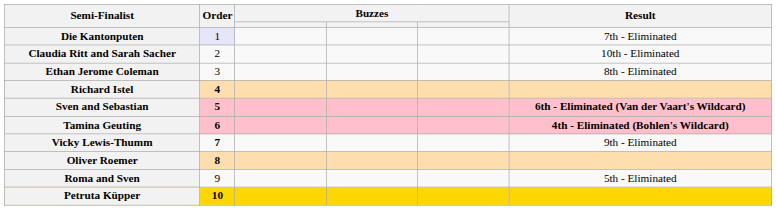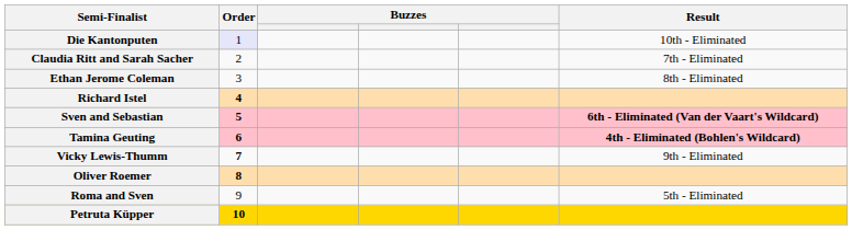 <table class="wikitable plainrowheaders sortable" style="text-align:center;">
 <tr>
 <th scope="col" rowspan="2" class="unsortable" style="width:17em;">Semi-Finalist</th>
 <th scope="col" rowspan="2" style="width:1em;">Order</th>
 <th scope="col" colspan="3" class="unsortable" style="width:24em;">Buzzes</th>
 <th scope="col" rowspan="2" style="width:23em;">Result</th>
 </tr>
 <tr>
 <th scope="col" class="unsortable" style="width:6em;"></th>
 <th scope="col" class="unsortable" style="width:6em;"></th>
 <th scope="col" class="unsortable" style="width:6em;"></th>
 </tr>
 <tr>
 <th scope="row">Die Kantonputen</th>
 <td style="background: lavender;">1</td>
 <td style="text-align:center;"></td>
 <td style="text-align:center;"></td>
 <td style="text-align:center;"></td>
-<td>7th - Eliminated</td>
+<td>10th - Eliminated</td>
 </tr>
 <tr>
 <th scope="row">Claudia Ritt and Sarah Sacher</th>
 <td>2</td>
 <td style="text-align:center;"></td>
 <td style="text-align:center;"></td>
 <td style="text-align:center;"></td>
-<td>10th - Eliminated</td>
+<td>7th - Eliminated</td>
 </tr>
 <tr>
 <th scope="row">Ethan Jerome Coleman</th>
 <td>3</td>
 <td style="text-align:center;"></td>
 <td style="text-align:center;"></td>
 <td style="text-align:center;"></td>
 <td>8th - Eliminated</td>
 </tr>
 <tr style="background:NavajoWhite;">
 <th scope="row"><strong>Richard Istel</strong></th>
 <td><strong>4</strong></td>
 <td style="text-align:center;"></td>
 <td style="text-align:center;"></td>
 <td style="text-align:center;"></td>
 <td><strong></strong></td>
 </tr>
 <tr style="background:pink;">
 <th scope="row"><strong>Sven and Sebastian</strong></th>
 <td><strong>5</strong></td>
 <td style="text-align:center;"></td>
 <td style="text-align:center;"></td>
 <td style="text-align:center;"></td>
 <td><strong>6th - Eliminated (Van der Vaart's Wildcard)</strong></td>
 </tr>
 <tr style="background:pink;">
 <th scope="row"><strong>Tamina Geuting</strong></th>
 <td><strong>6</strong></td>
 <td style="text-align:center;"></td>
 <td style="text-align:center;"></td>
 <td style="text-align:center;"></td>
 <td><strong>4th - Eliminated (Bohlen's Wildcard)</strong></td>
 </tr>
 <tr>
 <th scope="row">Vicky Lewis-Thumm</th>
 <td><strong>7</strong></td>
 <td style="text-align:center;"></td>
 <td style="text-align:center;"></td>
 <td style="text-align:center;"></td>
 <td>9th - Eliminated</td>
 </tr>
 <tr style="background:NavajoWhite;">
 <th scope="row"><strong>Oliver Roemer</strong></th>
 <td><strong>8</strong></td>
 <td style="text-align:center;"></td>
 <td style="text-align:center;"></td>
 <td style="text-align:center;"></td>
 <td><strong></strong></td>
 </tr>
 <tr>
 <th scope="row">Roma and Sven</th>
 <td>9</td>
 <td style="text-align:center;"></td>
 <td style="text-align:center;"></td>
 <td style="text-align:center;"></td>
 <td>5th - Eliminated</td>
 </tr>
 <tr style="background:gold;">
 <th scope="row"><strong>Petruta Küpper</strong></th>
 <td><strong>10</strong></td>
 <td style="text-align:center;"></td>
 <td style="text-align:center;"></td>
 <td style="text-align:center;"></td>
 <td><strong></strong></td>
 </tr>
 </table>
